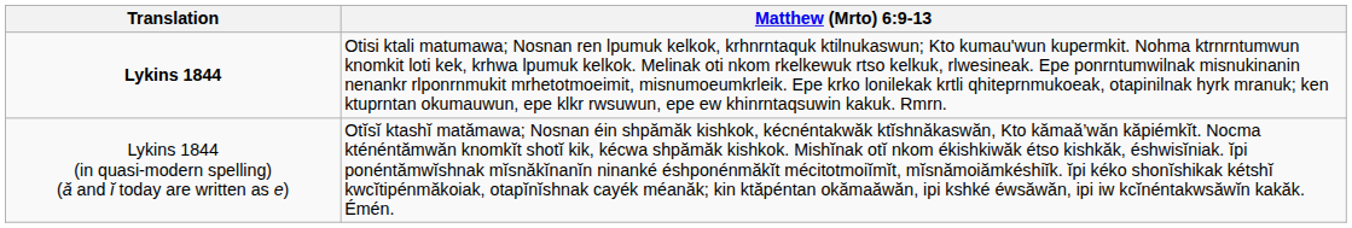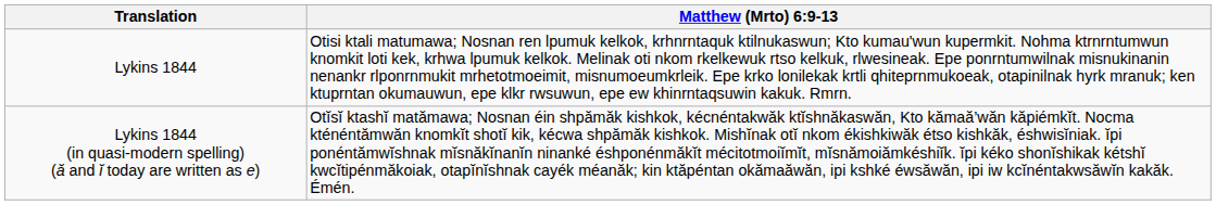 <table class="wikitable">
 <tr>
 <th style="text-align:center; width:25%;">Translation</th>
 <th><a href='#'>Matthew</a> (Mrto)  6:9-13</th>
 </tr>
 <tr>
-<td style="text-align:center;"><strong>Lykins 1844</strong></td>
+<td style="text-align:center;">Lykins 1844</td>
 <td>Otisi ktali matumawa; Nosnan ren lpumuk kelkok, krhnrntaquk ktilnukaswun; Kto kumau'wun kupermkit. Nohma ktrnrntumwun knomkit loti kek, krhwa lpumuk kelkok. Melinak oti nkom rkelkewuk rtso kelkuk, rlwesineak. Epe ponrntumwilnak misnukinanin nenankr rlponrnmukit mrhetotmoeimit, misnumoeumkrleik. Epe krko lonilekak krtli qhiteprnmukoeak, otapinilnak hyrk mranuk; ken ktuprntan okumauwun, epe klkr rwsuwun, epe ew khinrntaqsuwin kakuk. Rmrn.</td>
 </tr>
 <tr>
 <td style="text-align:center;">Lykins 1844<br>(in quasi-modern spelling)<br>(<em>ă</em> and <em>ĭ</em> today are written as <em>e</em>)</td>
 <td>Otĭsĭ ktashĭ matămawa; Nosnan éin shpămăk kishkok, kécnéntakwăk ktĭshnăkaswăn, Kto kămaă’wăn kăpiémkĭt. Nocma kténéntămwăn knomkĭt shotĭ kik, kécwa shpămăk kishkok. Mishĭnak otĭ nkom ékishkiwăk étso kishkăk, éshwisĭniak. ĭpi ponéntămwĭshnak mĭsnăkĭnanĭn ninanké éshponénmăkĭt mécitotmoiĭmĭt, mĭsnămoiămkéshiĭk. ĭpi kéko shonĭshikak kétshĭ kwcĭtipénmăkoiak, otapĭnĭshnak cayék méanăk; kin ktăpéntan okămaăwăn, ipi kshké éwsăwăn, ipi iw kcĭnéntakwsăwĭn kakăk. Émén.</td>
 </tr>
 </table>
